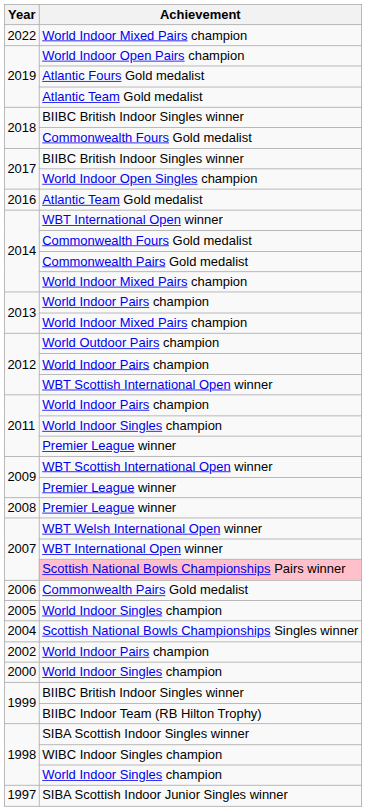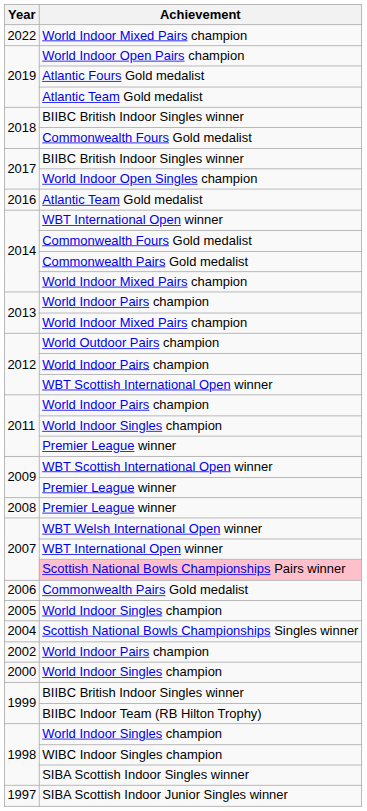 <table class="wikitable sortable">
 <tr>
 <th>Year</th>
 <th>Achievement</th>
 </tr>
 <tr>
 <td>2022</td>
 <td><a href='#'>World Indoor Mixed Pairs</a> champion</td>
 </tr>
 <tr>
 <td rowspan = "3">2019</td>
 <td><a href='#'>World Indoor Open Pairs</a> champion</td>
 </tr>
 <tr>
 <td><a href='#'>Atlantic Fours</a> Gold medalist</td>
 </tr>
 <tr>
 <td><a href='#'>Atlantic Team</a> Gold medalist</td>
 </tr>
 <tr>
 <td rowspan = "2">2018</td>
 <td>BIIBC British Indoor Singles winner</td>
 </tr>
 <tr>
 <td><a href='#'>Commonwealth Fours</a> Gold medalist</td>
 </tr>
 <tr>
 <td rowspan= "2">2017</td>
 <td>BIIBC British Indoor Singles winner</td>
 </tr>
 <tr>
 <td><a href='#'>World Indoor Open Singles</a> champion</td>
 </tr>
 <tr>
 <td>2016</td>
 <td><a href='#'>Atlantic Team</a> Gold medalist</td>
 </tr>
 <tr>
 <td rowspan = "4">2014</td>
 <td><a href='#'>WBT International Open</a> winner</td>
 </tr>
 <tr>
 <td><a href='#'>Commonwealth Fours</a>  Gold medalist</td>
 </tr>
 <tr>
 <td><a href='#'>Commonwealth Pairs</a>  Gold medalist</td>
 </tr>
 <tr>
 <td><a href='#'>World Indoor Mixed Pairs</a> champion</td>
 </tr>
 <tr>
 <td rowspan= "2">2013</td>
 <td><a href='#'>World Indoor Pairs</a> champion</td>
 </tr>
 <tr>
 <td><a href='#'>World Indoor Mixed Pairs</a> champion</td>
 </tr>
 <tr>
 <td rowspan= "3">2012</td>
 <td><a href='#'>World Outdoor Pairs</a> champion</td>
 </tr>
 <tr>
 <td><a href='#'>World Indoor Pairs</a> champion</td>
 </tr>
 <tr>
 <td><a href='#'>WBT Scottish International Open</a> winner</td>
 </tr>
 <tr>
 <td rowspan= "3">2011</td>
 <td><a href='#'>World Indoor Pairs</a> champion</td>
 </tr>
 <tr>
 <td><a href='#'>World Indoor Singles</a> champion</td>
 </tr>
 <tr>
 <td><a href='#'>Premier League</a> winner</td>
 </tr>
 <tr>
 <td rowspan= "2">2009</td>
 <td><a href='#'>WBT Scottish International Open</a> winner</td>
 </tr>
 <tr>
 <td><a href='#'>Premier League</a> winner</td>
 </tr>
 <tr>
 <td>2008</td>
 <td><a href='#'>Premier League</a> winner</td>
 </tr>
 <tr>
 <td rowspan= "3">2007</td>
 <td><a href='#'>WBT Welsh International Open</a> winner</td>
 </tr>
 <tr>
 <td><a href='#'>WBT International Open</a> winner</td>
 </tr>
 <tr>
 <td style="background: pink;"><a href='#'>Scottish National Bowls Championships</a> Pairs winner</td>
 </tr>
 <tr>
 <td>2006</td>
 <td><a href='#'>Commonwealth Pairs</a> Gold medalist</td>
 </tr>
 <tr>
 <td>2005</td>
 <td><a href='#'>World Indoor Singles</a> champion</td>
 </tr>
 <tr>
 <td>2004</td>
 <td><a href='#'>Scottish National Bowls Championships</a> Singles winner</td>
 </tr>
 <tr>
 <td>2002</td>
 <td><a href='#'> World Indoor Pairs</a> champion</td>
 </tr>
 <tr>
 <td>2000</td>
 <td><a href='#'>World Indoor Singles</a> champion</td>
 </tr>
 <tr>
 <td rowspan= "2">1999</td>
 <td>BIIBC British Indoor Singles winner</td>
 </tr>
 <tr>
 <td>BIIBC Indoor Team (RB Hilton Trophy)</td>
 </tr>
 <tr>
 <td rowspan = "3">1998</td>
-<td>SIBA Scottish Indoor Singles winner</td>
+<td><a href='#'>World Indoor Singles</a> champion</td>
 </tr>
 <tr>
 <td>WIBC Indoor Singles champion</td>
 </tr>
 <tr>
-<td><a href='#'>World Indoor Singles</a> champion</td>
+<td>SIBA Scottish Indoor Singles winner</td>
 </tr>
 <tr>
 <td>1997</td>
 <td>SIBA Scottish Indoor Junior Singles winner</td>
 </tr>
 </table>
